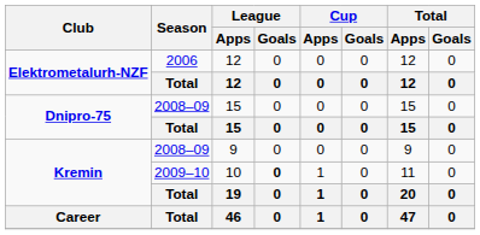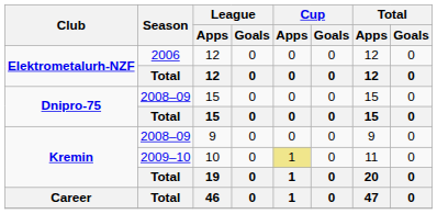 <table class="wikitable sortable" style="text-align: center;">
 <tr>
 <th rowspan=2>Club</th>
 <th rowspan=2>Season</th>
 <th colspan=2>League</th>
 <th colspan=2><a href='#'>Cup</a></th>
 <th colspan=2>Total</th>
 </tr>
 <tr>
 <th>Apps</th>
 <th>Goals</th>
 <th>Apps</th>
 <th>Goals</th>
 <th>Apps</th>
 <th>Goals</th>
 </tr>
 <tr>
 <td rowspan=2><strong><a href='#'>Elektrometalurh-NZF</a></strong></td>
 <td><a href='#'>2006</a></td>
 <td>12</td>
 <td>0</td>
 <td>0</td>
 <td>0</td>
 <td>12</td>
 <td>0</td>
 </tr>
 <tr>
 <th>Total</th>
 <th>12</th>
 <th>0</th>
 <th>0</th>
 <th>0</th>
 <th>12</th>
 <th>0</th>
 </tr>
 <tr>
 <td rowspan=2><strong><a href='#'>Dnipro-75</a></strong></td>
 <td><a href='#'>2008–09</a></td>
 <td>15</td>
 <td>0</td>
 <td>0</td>
 <td>0</td>
 <td>15</td>
 <td>0</td>
 </tr>
 <tr>
 <th>Total</th>
 <th>15</th>
 <th>0</th>
 <th>0</th>
 <th>0</th>
 <th>15</th>
 <th>0</th>
 </tr>
 <tr>
 <td rowspan=3><strong><a href='#'>Kremin</a></strong></td>
 <td><a href='#'>2008–09</a></td>
 <td>9</td>
 <td>0</td>
 <td>0</td>
 <td>0</td>
 <td>9</td>
 <td>0</td>
 </tr>
 <tr>
 <td><a href='#'>2009–10</a></td>
 <td>10</td>
-<td><strong>0</strong></td>
-<td>1</td>
+<td>0</td>
+<td style="background: khaki;">1</td>
 <td>0</td>
 <td>11</td>
 <td>0</td>
 </tr>
 <tr>
 <th>Total</th>
 <th>19</th>
 <th>0</th>
 <th>1</th>
 <th>0</th>
 <th>20</th>
 <th>0</th>
 </tr>
 <tr>
 <th>Career</th>
 <th>Total</th>
 <th>46</th>
 <th>0</th>
 <th>1</th>
 <th>0</th>
 <th>47</th>
 <th>0</th>
 </tr>
 <tr>
 </tr>
 </table>
